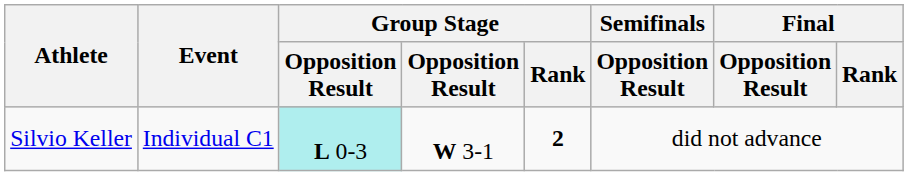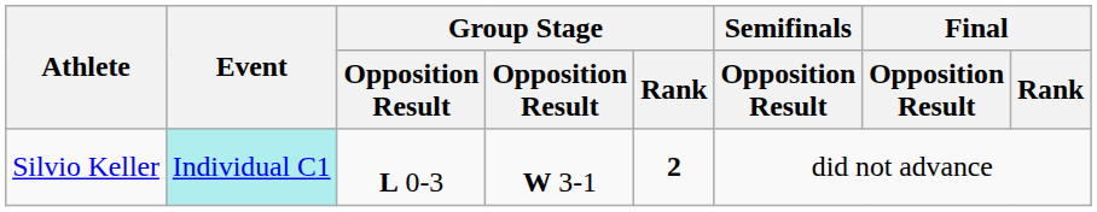 <table class=wikitable>
 <tr>
 <th rowspan="2">Athlete</th>
 <th rowspan="2">Event</th>
 <th colspan="3">Group Stage</th>
 <th>Semifinals</th>
 <th colspan="2">Final</th>
 </tr>
 <tr>
 <th>Opposition<br>Result</th>
 <th>Opposition<br>Result</th>
 <th>Rank</th>
 <th>Opposition<br>Result</th>
 <th>Opposition<br>Result</th>
 <th>Rank</th>
 </tr>
 <tr align=center>
 <td align=left><a href='#'>Silvio Keller</a></td>
-<td align=left><a href='#'>Individual C1</a></td>
-<td style="background: paleturquoise;"><br> <strong>L</strong> 0-3</td>
+<td align=left style="background: paleturquoise;"><a href='#'>Individual C1</a></td>
+<td><br> <strong>L</strong> 0-3</td>
 <td><br> <strong>W</strong> 3-1</td>
 <td><strong>2</strong></td>
 <td colspan=3>did not advance</td>
 </tr>
 </table>
